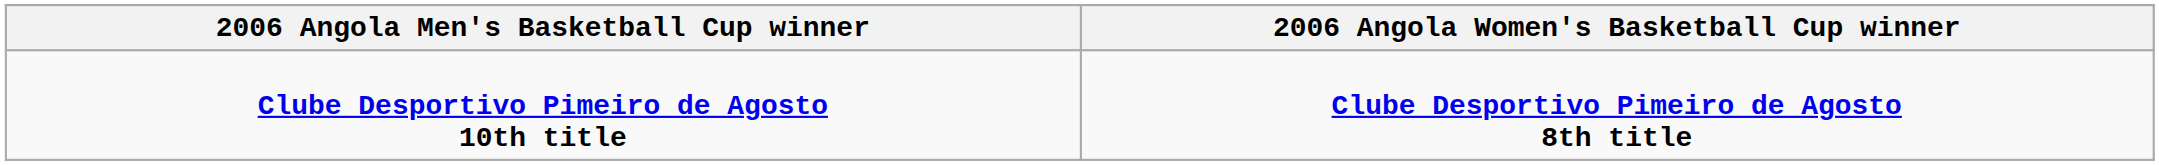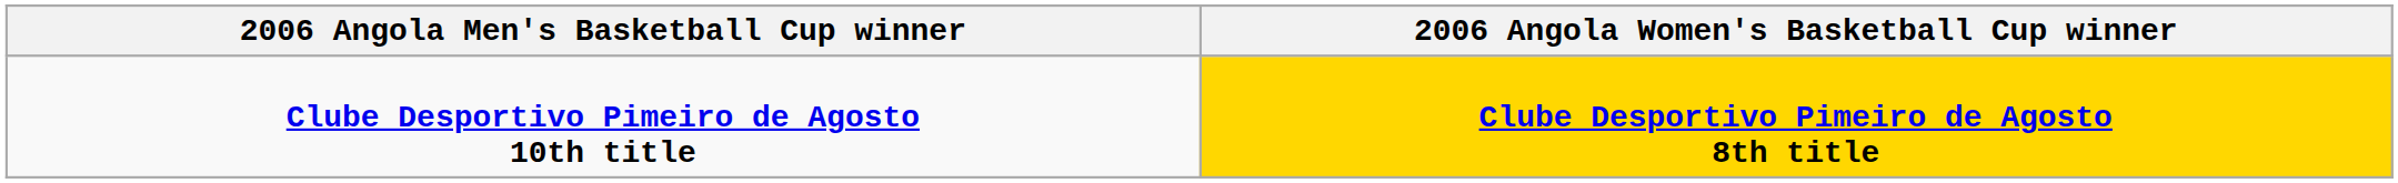 <table class=wikitable style="text-align:center; width: 1000px; margin:auto">
 <tr>
 <th width=600px>2006 Angola Men's Basketball Cup winner</th>
 <th width=600px>2006 Angola Women's Basketball Cup winner</th>
 </tr>
 <tr>
 <td><br><strong><a href='#'>Clube Desportivo Pimeiro de Agosto</a></strong><br><strong>10th title</strong></td>
-<td><br><strong><a href='#'>Clube Desportivo Pimeiro de Agosto</a></strong><br><strong>8th title</strong></td>
+<td style="background: gold;"><br><strong><a href='#'>Clube Desportivo Pimeiro de Agosto</a></strong><br><strong>8th title</strong></td>
 </tr>
 </table>
